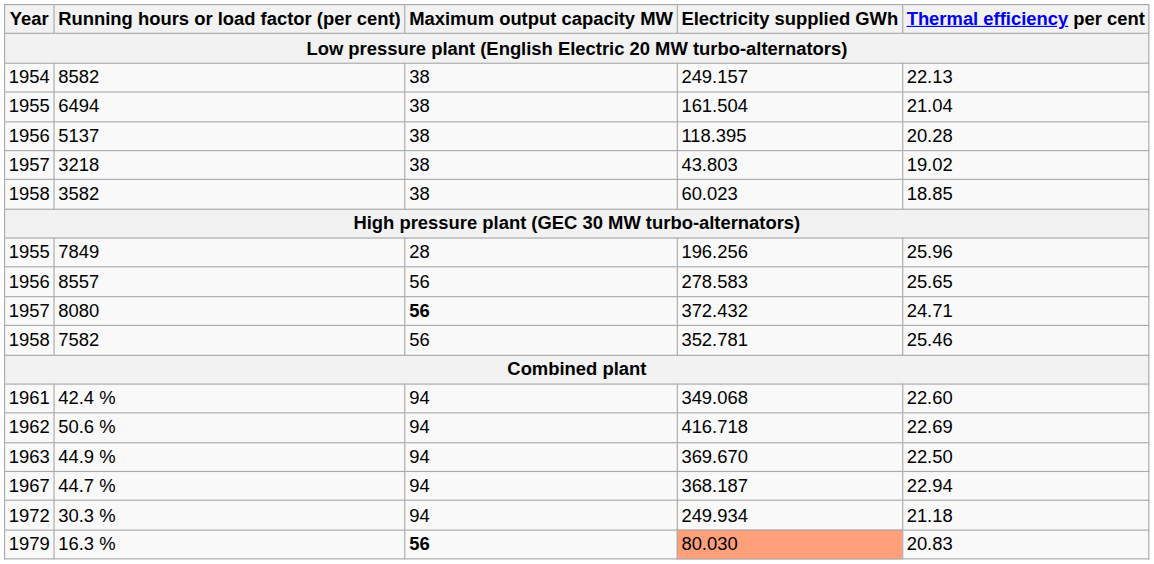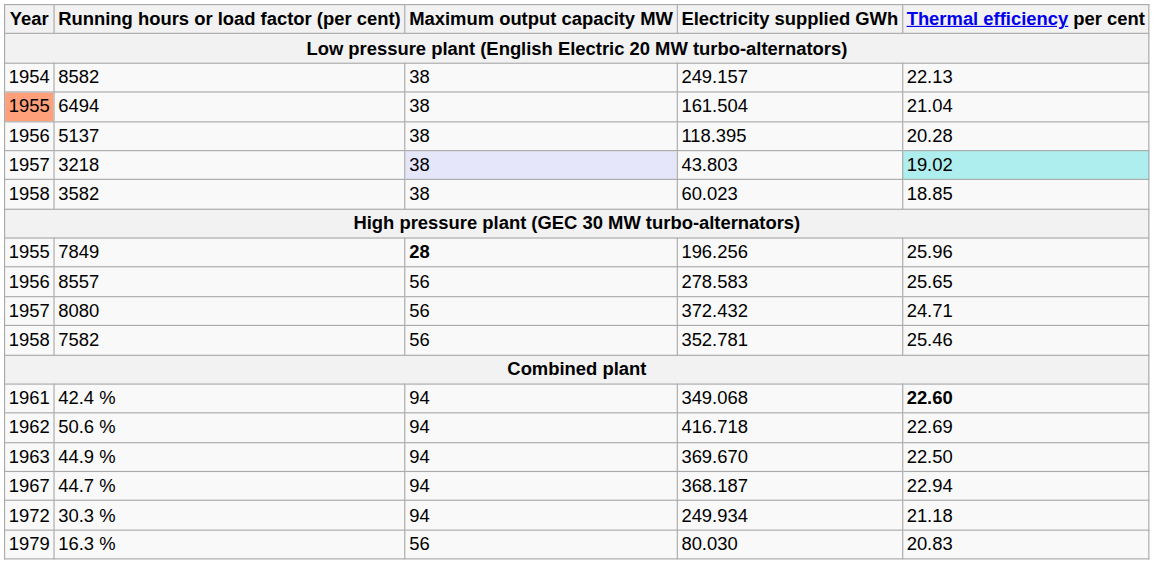 <table class="wikitable">
 <tr>
 <th>Year</th>
 <th>Running hours or load factor (per cent)</th>
 <th>Maximum output capacity  MW</th>
 <th>Electricity supplied GWh</th>
 <th><a href='#'>Thermal efficiency</a> per cent</th>
 </tr>
 <tr>
 <th colspan="5">Low pressure plant (English Electric 20 MW turbo-alternators)</th>
 </tr>
 <tr>
 <td>1954</td>
 <td>8582</td>
 <td>38</td>
 <td>249.157</td>
 <td>22.13</td>
 </tr>
 <tr>
-<td>1955</td>
+<td style="background: lightsalmon;">1955</td>
 <td>6494</td>
 <td>38</td>
 <td>161.504</td>
 <td>21.04</td>
 </tr>
 <tr>
 <td>1956</td>
 <td>5137</td>
 <td>38</td>
 <td>118.395</td>
 <td>20.28</td>
 </tr>
 <tr>
 <td>1957</td>
 <td>3218</td>
-<td>38</td>
+<td style="background: lavender;">38</td>
 <td>43.803</td>
-<td>19.02</td>
+<td style="background: paleturquoise;">19.02</td>
 </tr>
 <tr>
 <td>1958</td>
 <td>3582</td>
 <td>38</td>
 <td>60.023</td>
 <td>18.85</td>
 </tr>
 <tr>
 <th colspan="5">High pressure plant (GEC 30 MW turbo-alternators)</th>
 </tr>
 <tr>
 <td>1955</td>
 <td>7849</td>
-<td>28</td>
+<td><strong>28</strong></td>
 <td>196.256</td>
 <td>25.96</td>
 </tr>
 <tr>
 <td>1956</td>
 <td>8557</td>
 <td>56</td>
 <td>278.583</td>
 <td>25.65</td>
 </tr>
 <tr>
 <td>1957</td>
 <td>8080</td>
-<td><strong>56</strong></td>
+<td>56</td>
 <td>372.432</td>
 <td>24.71</td>
 </tr>
 <tr>
 <td>1958</td>
 <td>7582</td>
 <td>56</td>
 <td>352.781</td>
 <td>25.46</td>
 </tr>
 <tr>
 <th colspan="5">Combined plant</th>
 </tr>
 <tr>
 <td>1961</td>
 <td>42.4 %</td>
 <td>94</td>
 <td>349.068</td>
-<td>22.60</td>
+<td><strong>22.60</strong></td>
 </tr>
 <tr>
 <td>1962</td>
 <td>50.6 %</td>
 <td>94</td>
 <td>416.718</td>
 <td>22.69</td>
 </tr>
 <tr>
 <td>1963</td>
 <td>44.9 %</td>
 <td>94</td>
 <td>369.670</td>
 <td>22.50</td>
 </tr>
 <tr>
 <td>1967</td>
 <td>44.7 %</td>
 <td>94</td>
 <td>368.187</td>
 <td>22.94</td>
 </tr>
 <tr>
 <td>1972</td>
 <td>30.3 %</td>
 <td>94</td>
 <td>249.934</td>
 <td>21.18</td>
 </tr>
 <tr>
 <td>1979</td>
 <td>16.3 %</td>
-<td><strong>56</strong></td>
-<td style="background: lightsalmon;">80.030</td>
+<td>56</td>
+<td>80.030</td>
 <td>20.83</td>
 </tr>
 </table>
